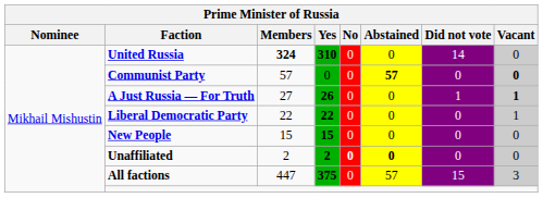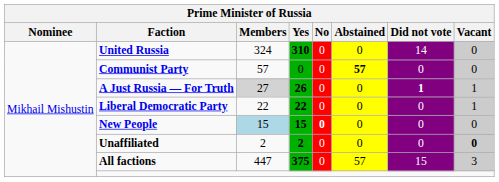 <table class="wikitable collapsible">
 <tr>
 <th colspan="8">Prime Minister of Russia</th>
 </tr>
 <tr>
 <th>Nominee</th>
 <th>Faction</th>
 <th>Members</th>
 <th><strong>Yes</strong></th>
 <th>No</th>
 <th>Abstained</th>
 <th>Did not vote</th>
 <th>Vacant</th>
 </tr>
 <tr ---->
 <td rowspan=8><a href='#'>Mikhail Mishustin</a></td>
 <td><strong><a href='#'>United Russia</a></strong></td>
-<td style="text-align:center;"><strong>324</strong></td>
+<td style="text-align:center;">324</td>
 <td style="text-align:center;background-color:#00B000;"><strong>310</strong></td>
 <td style="text-align:center;background-color:red;color:white;">0</td>
 <td style="text-align:center;background-color:yellow;">0</td>
 <td style="text-align:center;background-color:purple;color:white;">14</td>
 <td style="text-align:center;background-color:#cccccc;">0</td>
 </tr>
 <tr ---->
 <td><strong><a href='#'>Communist Party</a></strong></td>
 <td style="text-align:center;">57</td>
 <td style="text-align:center;background-color:#00B000;">0</td>
 <td style="text-align:center;background-color:red;color:white;">0</td>
 <td style="text-align:center;background-color:yellow;"><strong>57</strong></td>
 <td style="text-align:center;background-color:purple;color:white;">0</td>
-<td style="text-align:center;background-color:#cccccc;"><strong>0</strong></td>
+<td style="text-align:center;background-color:#cccccc;">0</td>
 </tr>
 <tr ---->
 <td><strong><a href='#'>A Just Russia — For Truth</a></strong></td>
-<td style="text-align:center;">27</td>
+<td style="background: lightgrey; text-align:center;">27</td>
 <td style="text-align:center;background-color:#00B000;"><strong>26</strong></td>
 <td style="text-align:center;background-color:red;color:white;">0</td>
 <td style="text-align:center;background-color:yellow;">0</td>
-<td style="text-align:center;background-color:purple;color:white;">1</td>
-<td style="text-align:center;background-color:#cccccc;"><strong>1</strong></td>
+<td style="text-align:center;background-color:purple;color:white;"><strong>1</strong></td>
+<td style="text-align:center;background-color:#cccccc;">1</td>
 </tr>
 <tr ---->
 <td><strong><a href='#'>Liberal Democratic Party</a></strong></td>
 <td style="text-align:center;">22</td>
 <td style="text-align:center;background-color:#00B000;"><strong>22</strong></td>
 <td style="text-align:center;background-color:red;color:white;">0</td>
 <td style="text-align:center;background-color:yellow;">0</td>
 <td style="text-align:center;background-color:purple;color:white;">0</td>
 <td style="text-align:center;background-color:#cccccc;">1</td>
 </tr>
 <tr ---->
 <td><strong><a href='#'>New People</a></strong></td>
-<td style="text-align:center;">15</td>
+<td style="background: lightblue; text-align:center;">15</td>
 <td style="text-align:center;background-color:#00B000;"><strong>15</strong></td>
-<td style="text-align:center;background-color:red;color:white;">0</td>
+<td style="text-align:center;background-color:red;color:white;"><strong>0</strong></td>
 <td style="text-align:center;background-color:yellow;">0</td>
 <td style="text-align:center;background-color:purple;color:white;">0</td>
 <td style="text-align:center;background-color:#cccccc;">0</td>
 </tr>
 <tr ---->
 <td><strong>Unaffiliated</strong></td>
 <td style="text-align:center;">2</td>
 <td style="text-align:center;background-color:#00B000;"><strong>2</strong></td>
-<td style="text-align:center;background-color:red;color:white;"><strong>0</strong></td>
-<td style="text-align:center;background-color:yellow;"><strong>0</strong></td>
+<td style="text-align:center;background-color:red;color:white;">0</td>
+<td style="text-align:center;background-color:yellow;">0</td>
 <td style="text-align:center;background-color:purple;color:white;">0</td>
-<td style="text-align:center;background-color:#cccccc;">0</td>
+<td style="text-align:center;background-color:#cccccc;"><strong>0</strong></td>
 </tr>
 <tr ---->
 <td><strong>All factions</strong></td>
 <td style="text-align:center;">447</td>
 <td style="text-align:center;background-color:#00B000;"><strong>375</strong></td>
 <td style="text-align:center;background-color:red;color:white;">0</td>
 <td style="text-align:center;background-color:yellow;">57</td>
 <td style="text-align:center;background-color:purple;color:white;">15</td>
 <td style="text-align:center;background-color:#cccccc;">3</td>
 </tr>
 <tr ---->
 <td colspan=7></td>
 </tr>
 </table>
